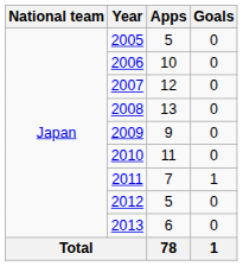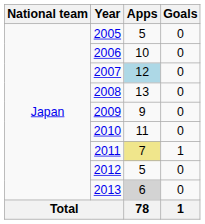 <table class="wikitable" style="text-align:center">
 <tr>
 <th>National team</th>
 <th>Year</th>
 <th>Apps</th>
 <th>Goals</th>
 </tr>
 <tr>
 <td rowspan="9"><a href='#'>Japan</a></td>
 <td><a href='#'>2005</a></td>
 <td>5</td>
 <td>0</td>
 </tr>
 <tr>
 <td><a href='#'>2006</a></td>
 <td>10</td>
 <td>0</td>
 </tr>
 <tr>
 <td><a href='#'>2007</a></td>
-<td>12</td>
+<td style="background: lightblue;">12</td>
 <td>0</td>
 </tr>
 <tr>
 <td><a href='#'>2008</a></td>
 <td>13</td>
 <td>0</td>
 </tr>
 <tr>
 <td><a href='#'>2009</a></td>
 <td>9</td>
 <td>0</td>
 </tr>
 <tr>
 <td><a href='#'>2010</a></td>
 <td>11</td>
 <td>0</td>
 </tr>
 <tr>
 <td><a href='#'>2011</a></td>
-<td>7</td>
+<td style="background: khaki;">7</td>
 <td>1</td>
 </tr>
 <tr>
 <td><a href='#'>2012</a></td>
 <td>5</td>
 <td>0</td>
 </tr>
 <tr>
 <td><a href='#'>2013</a></td>
-<td>6</td>
+<td style="background: lightgrey;">6</td>
 <td>0</td>
 </tr>
 <tr>
 <th colspan="2">Total</th>
 <th>78</th>
 <th>1</th>
 </tr>
 </table>
